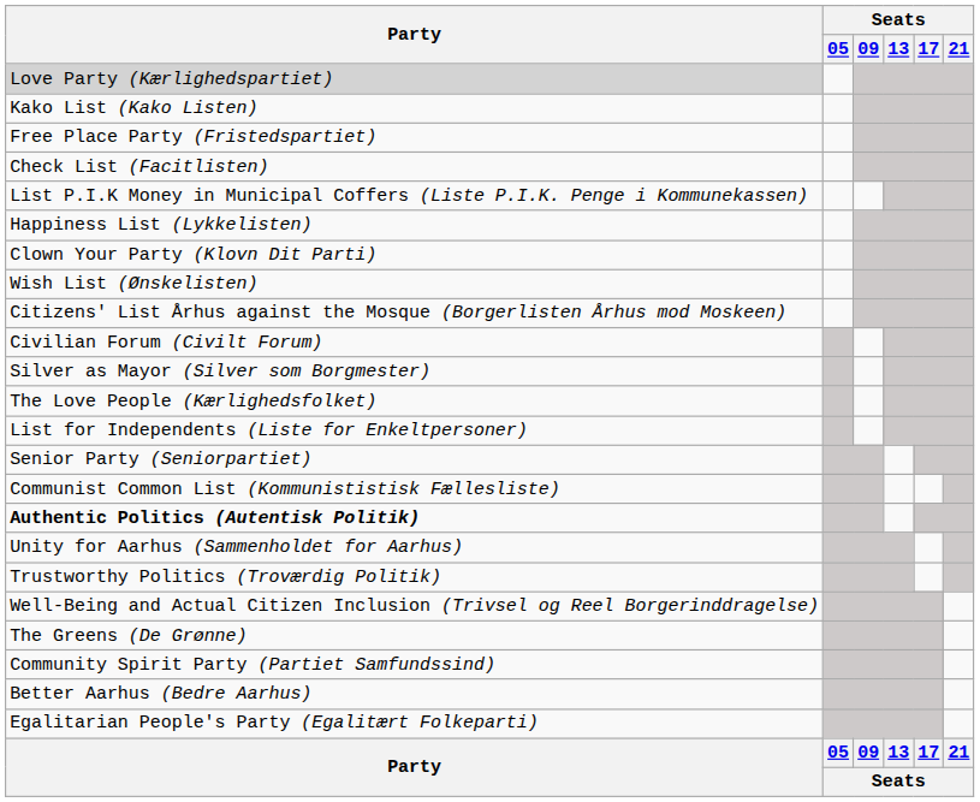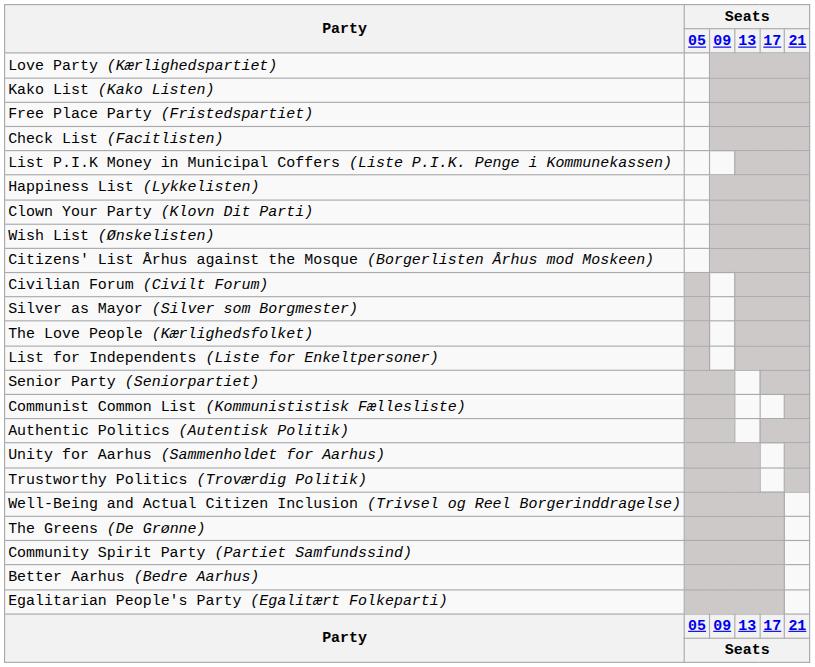 <table class="wikitable">
 <tr>
 <th rowspan=2>Party</th>
 <th colspan=11>Seats</th>
 </tr>
 <tr>
 <th><a href='#'>05</a></th>
 <th><a href='#'>09</a></th>
 <th><a href='#'>13</a></th>
 <th><a href='#'>17</a></th>
 <th><a href='#'>21</a></th>
 </tr>
 <tr>
-<td style="background: lightgrey;">Love Party <em>(Kærlighedspartiet)</em></td>
+<td>Love Party <em>(Kærlighedspartiet)</em></td>
 <td></td>
 <td style="background:#CDC9C9;" colspan=4></td>
 </tr>
 <tr>
 <td>Kako List <em>(Kako Listen)</em></td>
 <td></td>
 <td style="background:#CDC9C9;" colspan=4></td>
 </tr>
 <tr>
 <td>Free Place Party <em>(Fristedspartiet)</em></td>
 <td></td>
 <td style="background:#CDC9C9;" colspan=4></td>
 </tr>
 <tr>
 <td>Check List <em>(Facitlisten)</em></td>
 <td></td>
 <td style="background:#CDC9C9;" colspan=4></td>
 </tr>
 <tr>
 <td>List P.I.K Money in Municipal Coffers <em>(Liste P.I.K. Penge i Kommunekassen)</em></td>
 <td></td>
 <td></td>
 <td style="background:#CDC9C9;" colspan=4></td>
 </tr>
 <tr>
 <td>Happiness List <em>(Lykkelisten)</em></td>
 <td></td>
 <td style="background:#CDC9C9;" colspan=4></td>
 </tr>
 <tr>
 <td>Clown Your Party <em>(Klovn Dit Parti)</em></td>
 <td></td>
 <td style="background:#CDC9C9;" colspan=4></td>
 </tr>
 <tr>
 <td>Wish List <em>(Ønskelisten)</em></td>
 <td></td>
 <td style="background:#CDC9C9;" colspan=4></td>
 </tr>
 <tr>
 <td>Citizens' List Århus against the Mosque <em>(Borgerlisten Århus mod Moskeen)</em></td>
 <td></td>
 <td style="background:#CDC9C9;" colspan=4></td>
 </tr>
 <tr>
 <td>Civilian Forum <em>(Civilt Forum)</em></td>
 <td style="background:#CDC9C9;"></td>
 <td></td>
 <td style="background:#CDC9C9;" colspan=3></td>
 </tr>
 <tr>
 <td>Silver as Mayor <em>(Silver som Borgmester)</em></td>
 <td style="background:#CDC9C9;"></td>
 <td></td>
 <td style="background:#CDC9C9;" colspan=3></td>
 </tr>
 <tr>
 <td>The Love People <em>(Kærlighedsfolket)</em></td>
 <td style="background:#CDC9C9;"></td>
 <td></td>
 <td style="background:#CDC9C9;" colspan=3></td>
 </tr>
 <tr>
 <td>List for Independents <em>(Liste for Enkeltpersoner)</em></td>
 <td style="background:#CDC9C9;"></td>
 <td></td>
 <td style="background:#CDC9C9;" colspan=3></td>
 </tr>
 <tr>
 <td>Senior Party <em>(Seniorpartiet)</em></td>
 <td style="background:#CDC9C9;" colspan=2></td>
 <td></td>
 <td style="background:#CDC9C9;" colspan=2></td>
 </tr>
 <tr>
 <td>Communist Common List <em>(Kommunististisk Fællesliste)</em></td>
 <td style="background:#CDC9C9;" colspan=2></td>
 <td></td>
 <td></td>
 <td style="background:#CDC9C9;"></td>
 </tr>
 <tr>
-<td><strong>Authentic Politics <em>(Autentisk Politik)</em></strong></td>
+<td>Authentic Politics <em>(Autentisk Politik)</em></td>
 <td style="background:#CDC9C9;" colspan=2></td>
 <td></td>
 <td style="background:#CDC9C9;" colspan=2></td>
 </tr>
 <tr>
 <td>Unity for Aarhus <em>(Sammenholdet for Aarhus)</em></td>
 <td style="background:#CDC9C9;" colspan=3></td>
 <td></td>
 <td style="background:#CDC9C9;"></td>
 </tr>
 <tr>
 <td>Trustworthy Politics <em>(Troværdig Politik)</em></td>
 <td style="background:#CDC9C9;" colspan=3></td>
 <td></td>
 <td style="background:#CDC9C9;"></td>
 </tr>
 <tr>
 <td>Well-Being and Actual Citizen Inclusion <em>(Trivsel og Reel Borgerinddragelse)</em></td>
 <td style="background:#CDC9C9;" colspan=4></td>
 <td></td>
 </tr>
 <tr>
 <td>The Greens <em>(De Grønne)</em></td>
 <td style="background:#CDC9C9;" colspan=4></td>
 <td></td>
 </tr>
 <tr>
 <td>Community Spirit Party <em>(Partiet Samfundssind)</em></td>
 <td style="background:#CDC9C9;" colspan=4></td>
 <td></td>
 </tr>
 <tr>
 <td>Better Aarhus <em>(Bedre Aarhus)</em></td>
 <td style="background:#CDC9C9;" colspan=4></td>
 <td></td>
 </tr>
 <tr>
 <td>Egalitarian People's Party <em>(Egalitært Folkeparti)</em></td>
 <td style="background:#CDC9C9;" colspan=4></td>
 <td></td>
 </tr>
 <tr>
 <th rowspan=2>Party</th>
 <th><a href='#'>05</a></th>
 <th><a href='#'>09</a></th>
 <th><a href='#'>13</a></th>
 <th><a href='#'>17</a></th>
 <th><a href='#'>21</a></th>
 </tr>
 <tr>
 <th colspan=11>Seats</th>
 </tr>
 </table>
